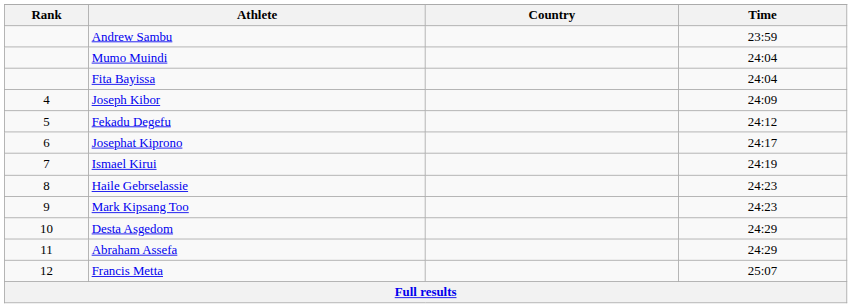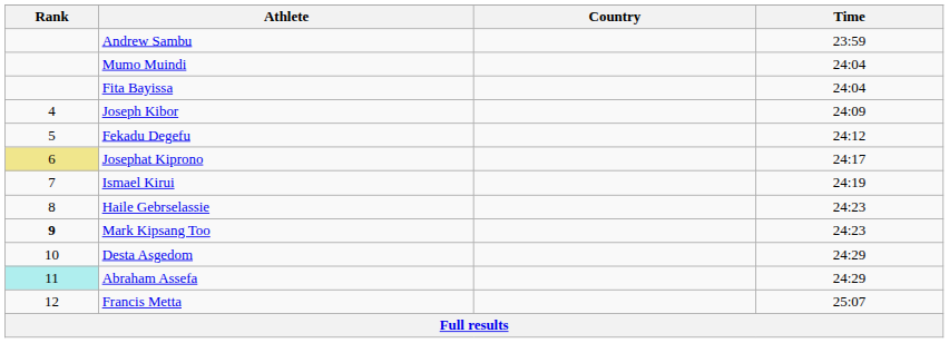 <table class="wikitable sortable" style=" text-align:center; font-size:95%;" width="50%">
 <tr>
 </tr>
 <tr>
 <th width=5%>Rank</th>
 <th width=20%>Athlete</th>
 <th width=15%>Country</th>
 <th width=10%>Time</th>
 </tr>
 <tr>
 <td align=center></td>
 <td align=left><a href='#'>Andrew Sambu</a></td>
 <td align=left></td>
 <td>23:59</td>
 </tr>
 <tr>
 <td align=center></td>
 <td align=left><a href='#'>Mumo Muindi</a></td>
 <td align=left></td>
 <td>24:04</td>
 </tr>
 <tr>
 <td align=center></td>
 <td align=left><a href='#'>Fita Bayissa</a></td>
 <td align=left></td>
 <td>24:04</td>
 </tr>
 <tr>
 <td align=center>4</td>
 <td align=left><a href='#'>Joseph Kibor</a></td>
 <td align=left></td>
 <td>24:09</td>
 </tr>
 <tr>
 <td align=center>5</td>
 <td align=left><a href='#'>Fekadu Degefu</a></td>
 <td align=left></td>
 <td>24:12</td>
 </tr>
 <tr>
-<td align=center>6</td>
+<td align=center style="background: khaki;">6</td>
 <td align=left><a href='#'>Josephat Kiprono</a></td>
 <td align=left></td>
 <td>24:17</td>
 </tr>
 <tr>
 <td align=center>7</td>
 <td align=left><a href='#'>Ismael Kirui</a></td>
 <td align=left></td>
 <td>24:19</td>
 </tr>
 <tr>
 <td align=center>8</td>
 <td align=left><a href='#'>Haile Gebrselassie</a></td>
 <td align=left></td>
 <td>24:23</td>
 </tr>
 <tr>
-<td align=center>9</td>
+<td align=center><strong>9</strong></td>
 <td align=left><a href='#'>Mark Kipsang Too</a></td>
 <td align=left></td>
 <td>24:23</td>
 </tr>
 <tr>
 <td align=center>10</td>
 <td align=left><a href='#'>Desta Asgedom</a></td>
 <td align=left></td>
 <td>24:29</td>
 </tr>
 <tr>
-<td align=center>11</td>
+<td align=center style="background: paleturquoise;">11</td>
 <td align=left><a href='#'>Abraham Assefa</a></td>
 <td align=left></td>
 <td>24:29</td>
 </tr>
 <tr>
 <td align=center>12</td>
 <td align=left><a href='#'>Francis Metta</a></td>
 <td align=left></td>
 <td>25:07</td>
 </tr>
 <tr class="sortbottom">
 <th colspan=4 align=center><a href='#'>Full results</a></th>
 </tr>
 </table>
